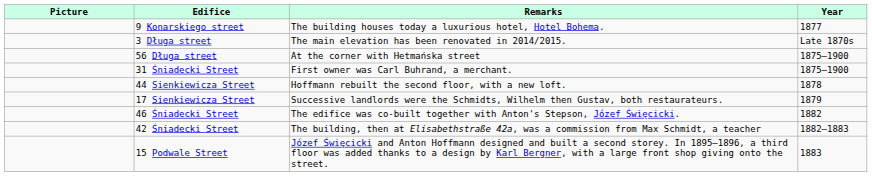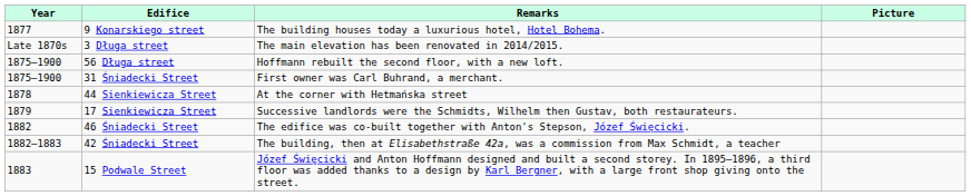 <table class="wikitable" style="flex:30em">
 <tr align="center" bgcolor="#C9FFE5">
-<td width=15%><strong>Picture</strong></td>
+<td width=8%><strong>Year</strong></td>
 <td width=18%><strong>Edifice</strong></td>
 <td width=59%><strong>Remarks</strong></td>
-<td width=8%><strong>Year</strong></td>
+<td width=15%><strong>Picture</strong></td>
 </tr>
 <tr ----bgcolor="#FFFFFF">
-<td></td>
+<td>1877</td>
 <td>9 <a href='#'>Konarskiego street</a></td>
 <td>The building houses today a luxurious hotel, <a href='#'>Hotel Bohema</a>.</td>
-<td>1877</td>
+<td></td>
 </tr>
 <tr ---->
-<td></td>
+<td>Late 1870s</td>
 <td>3 <a href='#'>Długa street</a></td>
 <td>The main elevation has been renovated in 2014/2015.</td>
-<td>Late 1870s</td>
+<td></td>
 </tr>
 <tr ----bgcolor="#FFFFFF">
+<td>1875–1900</td>
+<td>56 <a href='#'>Długa street</a></td>
+<td>Hoffmann rebuilt the second floor, with a new loft.</td>
 <td></td>
-<td>56 <a href='#'>Długa street</a></td>
-<td>At the corner with Hetmańska street</td>
-<td>1875–1900</td>
 </tr>
 <tr ---->
-<td></td>
+<td>1875–1900</td>
 <td>31 <a href='#'>Śniadecki Street</a></td>
 <td>First owner was Carl Buhrand, a merchant.</td>
-<td>1875–1900</td>
+<td></td>
 </tr>
 <tr ----bgcolor="#FFFFFF">
+<td>1878</td>
+<td>44 <a href='#'>Sienkiewicza Street</a></td>
+<td>At the corner with Hetmańska street</td>
 <td></td>
-<td>44 <a href='#'>Sienkiewicza Street</a></td>
-<td>Hoffmann rebuilt the second floor, with a new loft.</td>
-<td>1878</td>
 </tr>
 <tr ---->
-<td></td>
+<td>1879</td>
 <td>17 <a href='#'>Sienkiewicza Street</a></td>
 <td>Successive landlords were the Schmidts, Wilhelm then Gustav, both restaurateurs.</td>
-<td>1879</td>
+<td></td>
 </tr>
 <tr ----bgcolor="#FFFFFF">
-<td></td>
+<td>1882</td>
 <td>46 <a href='#'>Śniadecki Street</a></td>
 <td>The edifice was co-built together with Anton's Stepson, <a href='#'>Józef Święcicki</a>.</td>
-<td>1882</td>
+<td></td>
 </tr>
 <tr ---->
-<td></td>
+<td>1882–1883</td>
 <td>42 <a href='#'>Śniadecki Street</a></td>
 <td>The building, then at <em>Elisabethstraße 42a</em>, was a commission from Max Schmidt, a teacher</td>
-<td>1882–1883</td>
+<td></td>
 </tr>
 <tr ----bgcolor="#FFFFFF">
-<td></td>
+<td>1883</td>
 <td>15 <a href='#'>Podwale Street</a></td>
 <td><a href='#'>Józef Święcicki</a> and Anton Hoffmann designed and built a second storey. In 1895–1896, a third floor was added thanks to a design by <a href='#'>Karl Bergner</a>, with a large front shop giving onto the street.</td>
-<td>1883</td>
+<td></td>
 </tr>
 </table>
